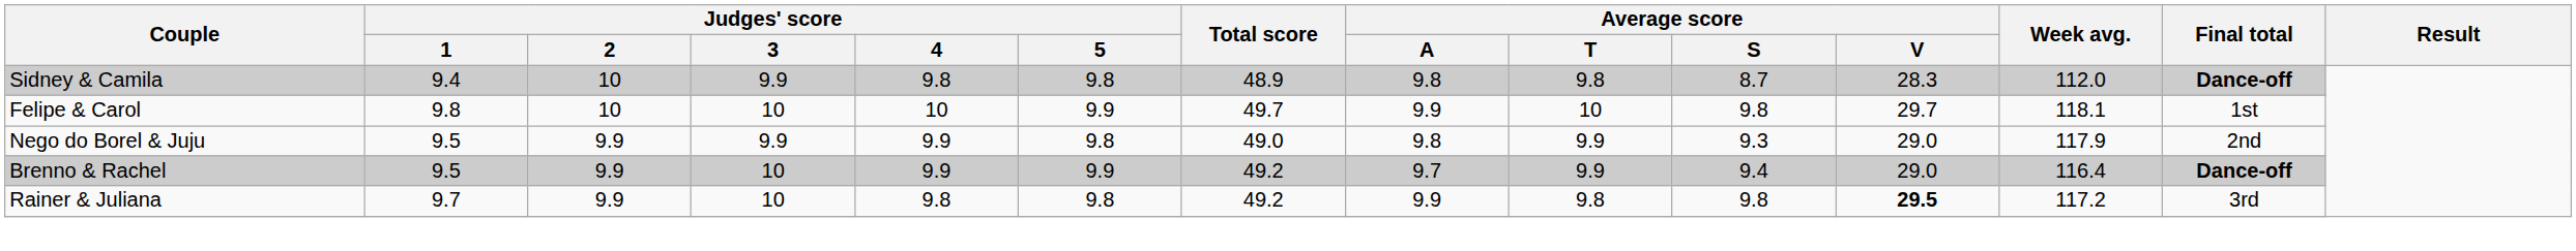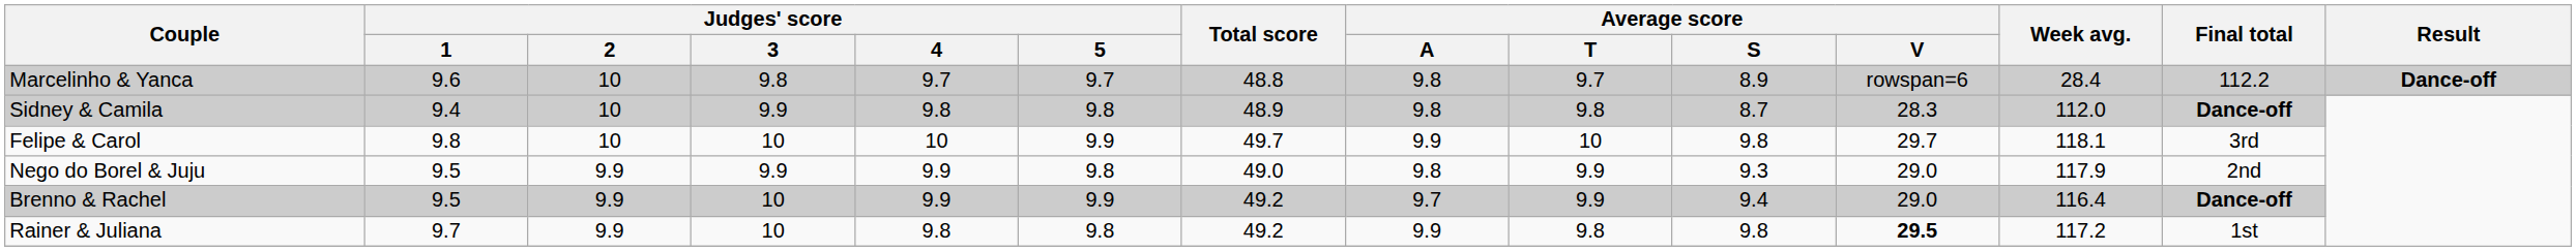 <table class="wikitable" style="font-size:100%; line-height:16px; text-align:center" width="100%">
 <tr>
 <th rowspan=2 style="width:11.0%;">Couple</th>
 <th colspan=5 style="width:25.0%;">Judges' score</th>
 <th rowspan=2 style="width:05.0%;">Total score</th>
 <th colspan=4 style="width:20.0%;">Average score</th>
 <th rowspan=2 style="width:05.0%;">Week avg.</th>
 <th rowspan=2 style="width:05.0%;">Final total</th>
 <th rowspan=2 style="width:07.5%;">Result</th>
 </tr>
 <tr>
 <th style="width:05.0%;">1</th>
 <th style="width:05.0%;">2</th>
 <th style="width:05.0%;">3</th>
 <th style="width:05.0%;">4</th>
 <th style="width:05.0%;">5</th>
 <th style="width:05.0%;">A</th>
 <th style="width:05.0%;">T</th>
 <th style="width:05.0%;">S</th>
 <th style="width:05.0%;">V</th>
+</tr>
+<tr bgcolor="CCCCCC">
+<td align="left">Marcelinho & Yanca</td>
+<td>9.6</td>
+<td>10</td>
+<td>9.8</td>
+<td>9.7</td>
+<td>9.7</td>
+<td>48.8</td>
+<td>9.8</td>
+<td>9.7</td>
+<td>8.9</td>
+<td>rowspan=6 </td>
+<td>28.4</td>
+<td>112.2</td>
+<td><strong>Dance-off</strong></td>
 </tr>
 <tr bgcolor="CCCCCC">
 <td align="left">Sidney & Camila</td>
 <td>9.4</td>
 <td>10</td>
 <td>9.9</td>
 <td>9.8</td>
 <td>9.8</td>
 <td>48.9</td>
 <td>9.8</td>
 <td>9.8</td>
 <td>8.7</td>
 <td>28.3</td>
 <td>112.0</td>
 <td><strong>Dance-off</strong></td>
 </tr>
 <tr>
 <td align="left">Felipe & Carol</td>
 <td>9.8</td>
 <td>10</td>
 <td>10</td>
 <td>10</td>
 <td>9.9</td>
 <td>49.7</td>
 <td>9.9</td>
 <td>10</td>
 <td>9.8</td>
 <td>29.7</td>
 <td>118.1</td>
-<td>1st</td>
+<td>3rd</td>
 </tr>
 <tr>
 <td align="left">Nego do Borel & Juju</td>
 <td>9.5</td>
 <td>9.9</td>
 <td>9.9</td>
 <td>9.9</td>
 <td>9.8</td>
 <td>49.0</td>
 <td>9.8</td>
 <td>9.9</td>
 <td>9.3</td>
 <td>29.0</td>
 <td>117.9</td>
 <td>2nd</td>
 </tr>
 <tr bgcolor="CCCCCC">
 <td align="left">Brenno & Rachel</td>
 <td>9.5</td>
 <td>9.9</td>
 <td>10</td>
 <td>9.9</td>
 <td>9.9</td>
 <td>49.2</td>
 <td>9.7</td>
 <td>9.9</td>
 <td>9.4</td>
 <td>29.0</td>
 <td>116.4</td>
 <td><strong>Dance-off</strong></td>
 </tr>
 <tr>
 <td align="left">Rainer & Juliana</td>
 <td>9.7</td>
 <td>9.9</td>
 <td>10</td>
 <td>9.8</td>
 <td>9.8</td>
 <td>49.2</td>
 <td>9.9</td>
 <td>9.8</td>
 <td>9.8</td>
 <td><strong>29.5</strong></td>
 <td>117.2</td>
-<td>3rd</td>
+<td>1st</td>
 </tr>
 <tr>
 </tr>
 </table>
